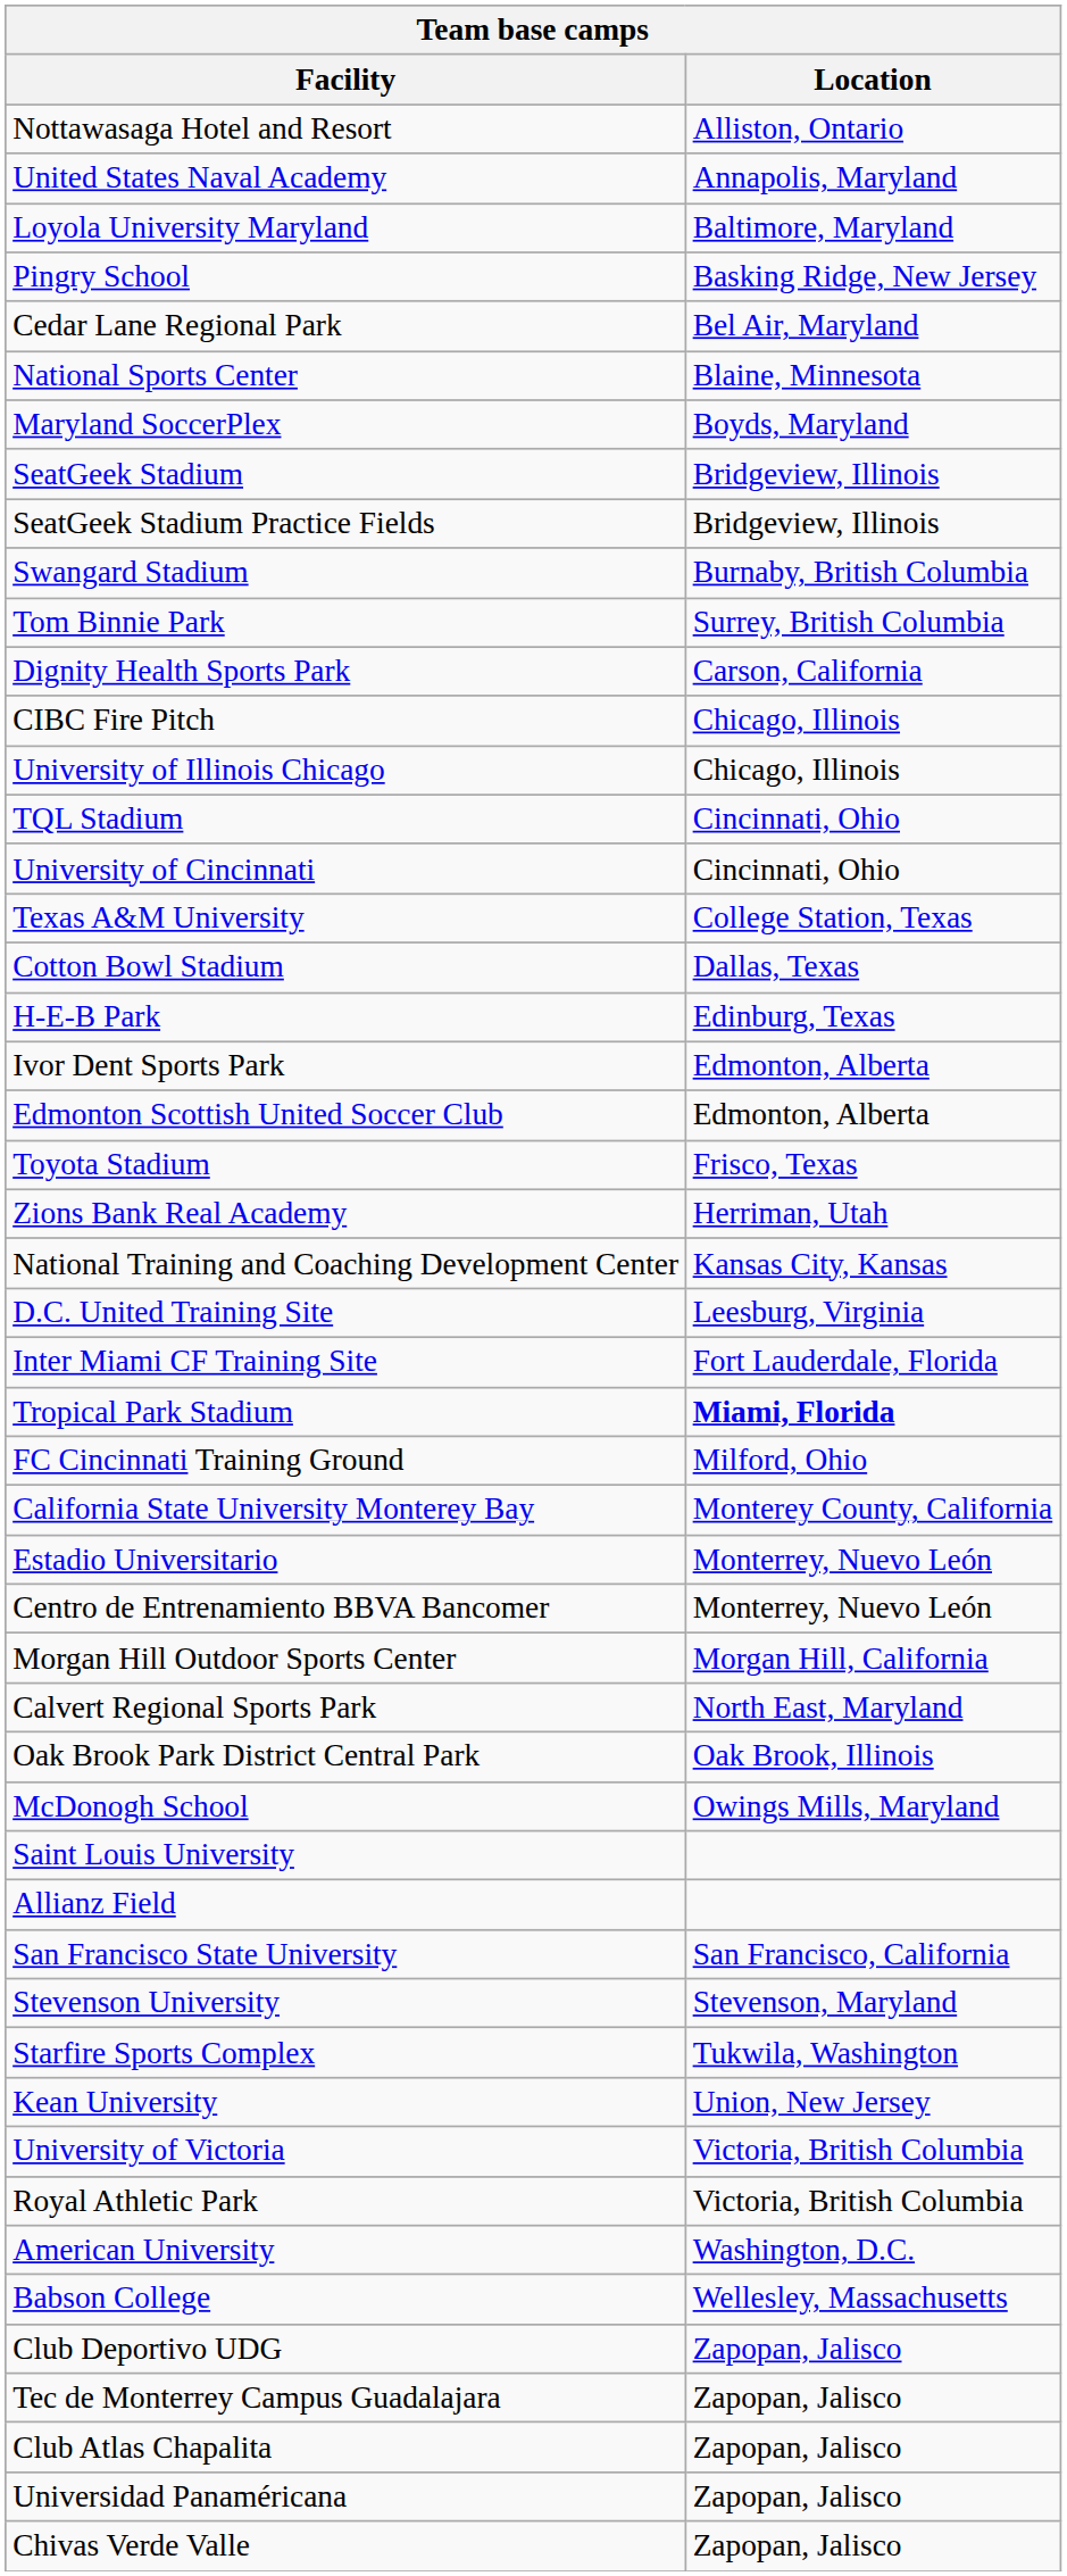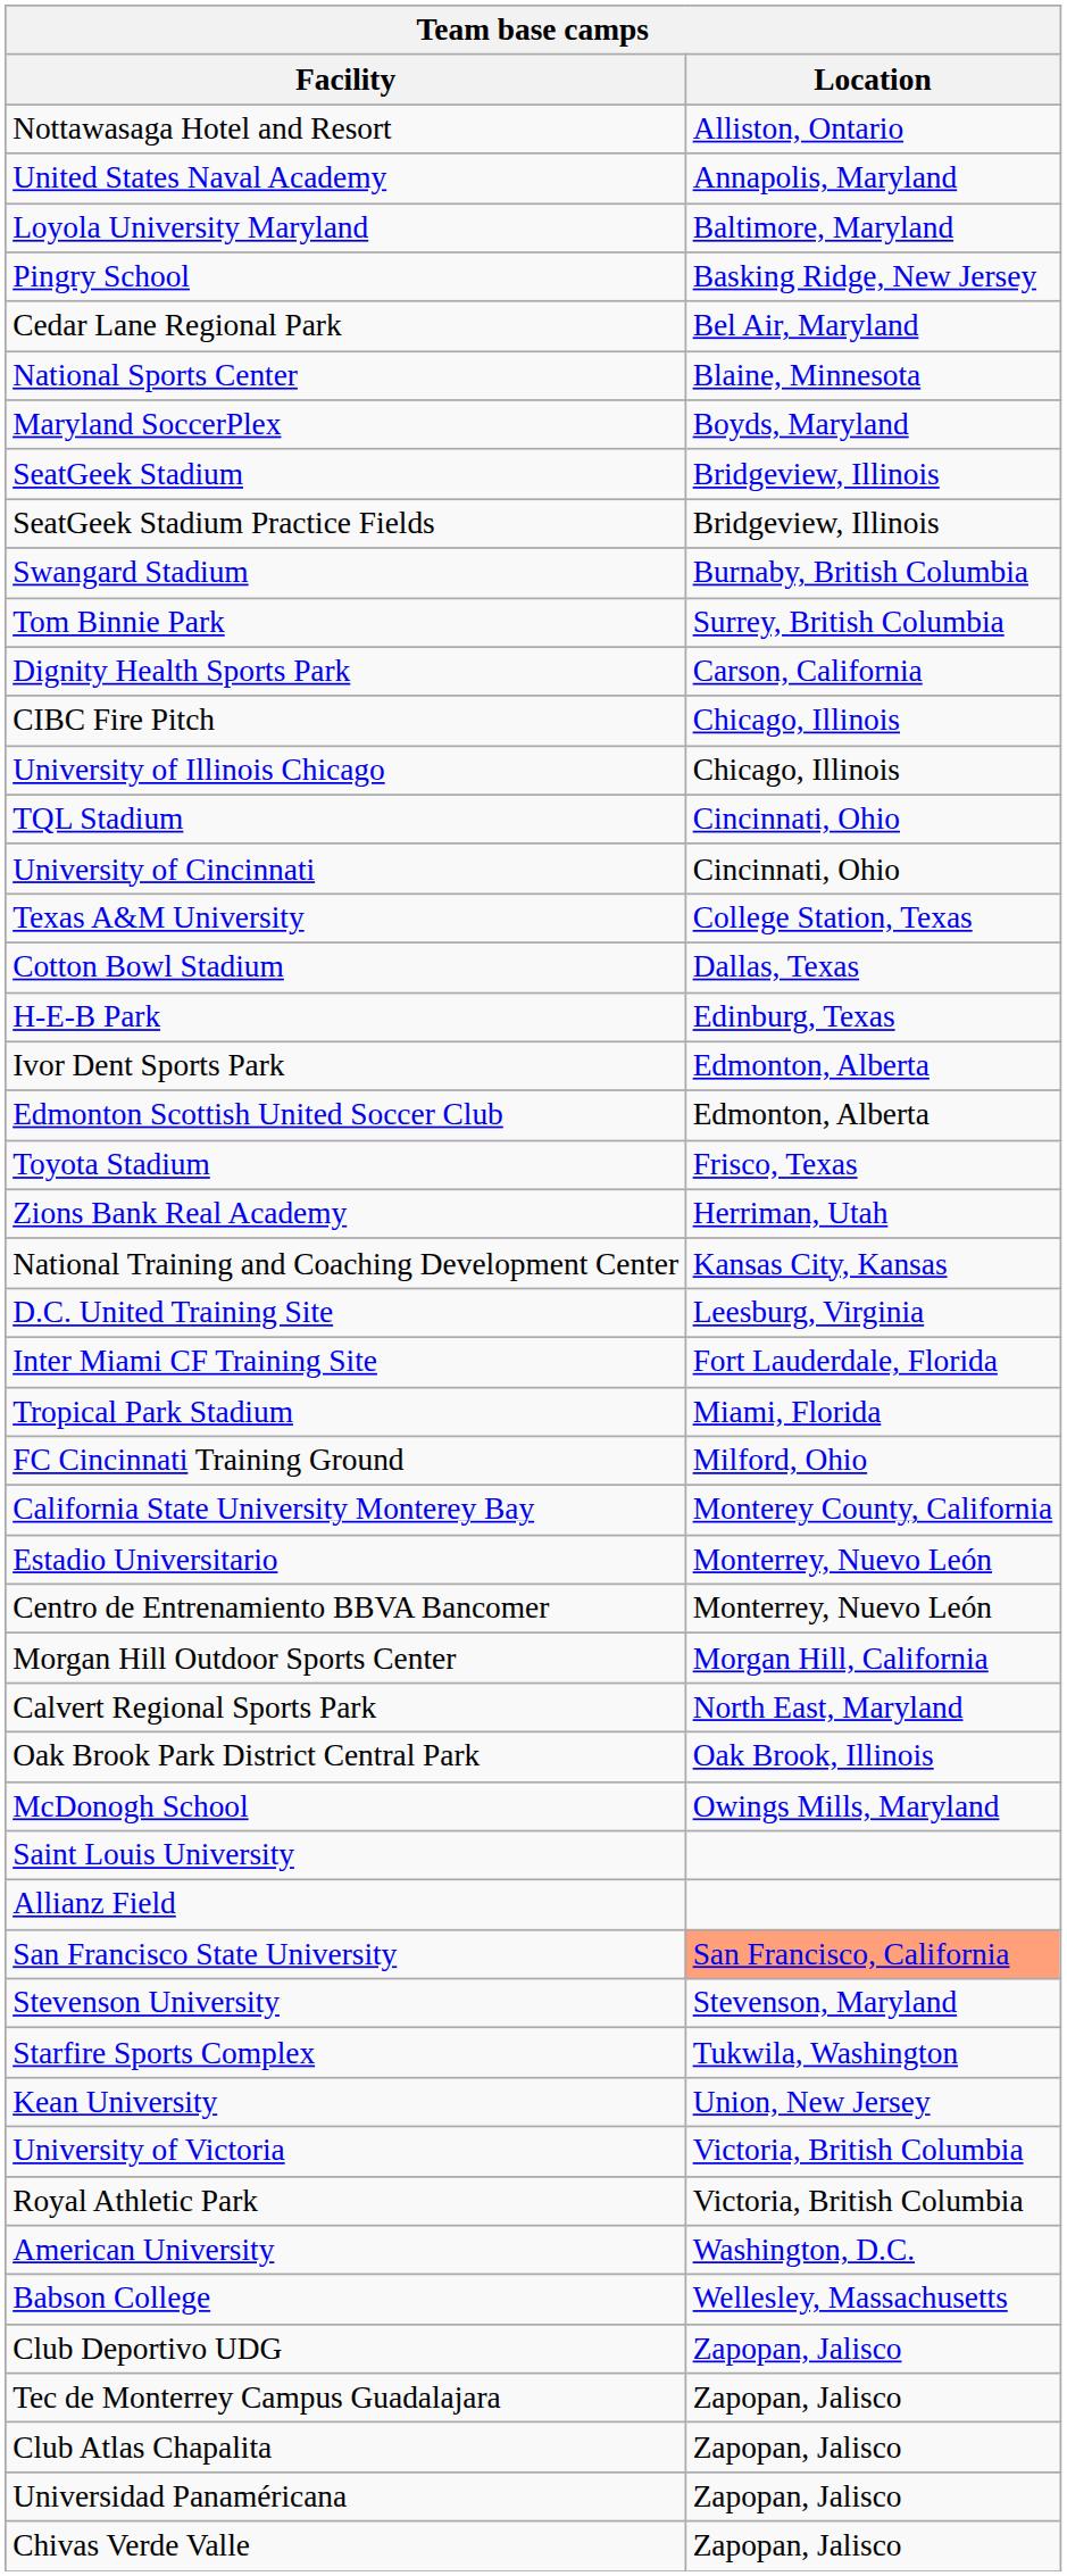 <table class="wikitable collapsible collapsed">
 <tr>
 <th colspan="5">Team base camps</th>
 </tr>
 <tr>
 <th>Facility</th>
 <th>Location</th>
 </tr>
 <tr>
 <td>Nottawasaga Hotel and Resort</td>
 <td><a href='#'>Alliston, Ontario</a></td>
 </tr>
 <tr>
 <td><a href='#'>United States Naval Academy</a></td>
 <td><a href='#'>Annapolis, Maryland</a></td>
 </tr>
 <tr>
 <td><a href='#'>Loyola University Maryland</a></td>
 <td><a href='#'>Baltimore, Maryland</a></td>
 </tr>
 <tr>
 <td><a href='#'>Pingry School</a></td>
 <td><a href='#'>Basking Ridge, New Jersey</a></td>
 </tr>
 <tr>
 <td>Cedar Lane Regional Park</td>
 <td><a href='#'>Bel Air, Maryland</a></td>
 </tr>
 <tr>
 <td><a href='#'>National Sports Center</a></td>
 <td><a href='#'>Blaine, Minnesota</a></td>
 </tr>
 <tr>
 <td><a href='#'>Maryland SoccerPlex</a></td>
 <td><a href='#'>Boyds, Maryland</a></td>
 </tr>
 <tr>
 <td><a href='#'>SeatGeek Stadium</a></td>
 <td><a href='#'>Bridgeview, Illinois</a></td>
 </tr>
 <tr>
 <td>SeatGeek Stadium Practice Fields</td>
 <td>Bridgeview, Illinois</td>
 </tr>
 <tr>
 <td><a href='#'>Swangard Stadium</a></td>
 <td><a href='#'>Burnaby, British Columbia</a></td>
 </tr>
 <tr>
 <td><a href='#'>Tom Binnie Park</a></td>
 <td><a href='#'>Surrey, British Columbia</a></td>
 </tr>
 <tr>
 <td><a href='#'>Dignity Health Sports Park</a></td>
 <td><a href='#'>Carson, California</a></td>
 </tr>
 <tr>
 <td>CIBC Fire Pitch</td>
 <td><a href='#'>Chicago, Illinois</a></td>
 </tr>
 <tr>
 <td><a href='#'>University of Illinois Chicago</a></td>
 <td>Chicago, Illinois</td>
 </tr>
 <tr>
 <td><a href='#'>TQL Stadium</a></td>
 <td><a href='#'>Cincinnati, Ohio</a></td>
 </tr>
 <tr>
 <td><a href='#'>University of Cincinnati</a></td>
 <td>Cincinnati, Ohio</td>
 </tr>
 <tr>
 <td><a href='#'>Texas A&M University</a></td>
 <td><a href='#'>College Station, Texas</a></td>
 </tr>
 <tr>
 <td><a href='#'>Cotton Bowl Stadium</a></td>
 <td><a href='#'>Dallas, Texas</a></td>
 </tr>
 <tr>
 <td><a href='#'>H-E-B Park</a></td>
 <td><a href='#'>Edinburg, Texas</a></td>
 </tr>
 <tr>
 <td>Ivor Dent Sports Park</td>
 <td><a href='#'>Edmonton, Alberta</a></td>
 </tr>
 <tr>
 <td><a href='#'>Edmonton Scottish United Soccer Club</a></td>
 <td>Edmonton, Alberta</td>
 </tr>
 <tr>
 <td><a href='#'>Toyota Stadium</a></td>
 <td><a href='#'>Frisco, Texas</a></td>
 </tr>
 <tr>
 <td><a href='#'>Zions Bank Real Academy</a></td>
 <td><a href='#'>Herriman, Utah</a></td>
 </tr>
 <tr>
 <td>National Training and Coaching Development Center</td>
 <td><a href='#'>Kansas City, Kansas</a></td>
 </tr>
 <tr>
 <td><a href='#'>D.C. United Training Site</a></td>
 <td><a href='#'>Leesburg, Virginia</a></td>
 </tr>
 <tr>
 <td><a href='#'>Inter Miami CF Training Site</a></td>
 <td><a href='#'>Fort Lauderdale, Florida</a></td>
 </tr>
 <tr>
 <td><a href='#'>Tropical Park Stadium</a></td>
-<td><strong><a href='#'>Miami, Florida</a></strong></td>
+<td><a href='#'>Miami, Florida</a></td>
 </tr>
 <tr>
 <td><a href='#'>FC Cincinnati</a> Training Ground</td>
 <td><a href='#'>Milford, Ohio</a></td>
 </tr>
 <tr>
 <td><a href='#'>California State University Monterey Bay</a></td>
 <td><a href='#'>Monterey County, California</a></td>
 </tr>
 <tr>
 <td><a href='#'>Estadio Universitario</a></td>
 <td><a href='#'>Monterrey, Nuevo León</a></td>
 </tr>
 <tr>
 <td>Centro de Entrenamiento BBVA Bancomer</td>
 <td>Monterrey, Nuevo León</td>
 </tr>
 <tr>
 <td>Morgan Hill Outdoor Sports Center</td>
 <td><a href='#'>Morgan Hill, California</a></td>
 </tr>
 <tr>
 <td>Calvert Regional Sports Park</td>
 <td><a href='#'>North East, Maryland</a></td>
 </tr>
 <tr>
 <td>Oak Brook Park District Central Park</td>
 <td><a href='#'>Oak Brook, Illinois</a></td>
 </tr>
 <tr>
 <td><a href='#'>McDonogh School</a></td>
 <td><a href='#'>Owings Mills, Maryland</a></td>
 </tr>
 <tr>
 <td><a href='#'>Saint Louis University</a></td>
 <td></td>
 </tr>
 <tr>
 <td><a href='#'>Allianz Field</a></td>
 <td></td>
 </tr>
 <tr>
 <td><a href='#'>San Francisco State University</a></td>
-<td><a href='#'>San Francisco, California</a></td>
+<td style="background: lightsalmon;"><a href='#'>San Francisco, California</a></td>
 </tr>
 <tr>
 <td><a href='#'>Stevenson University</a></td>
 <td><a href='#'>Stevenson, Maryland</a></td>
 </tr>
 <tr>
 <td><a href='#'>Starfire Sports Complex</a></td>
 <td><a href='#'>Tukwila, Washington</a></td>
 </tr>
 <tr>
 <td><a href='#'>Kean University</a></td>
 <td><a href='#'>Union, New Jersey</a></td>
 </tr>
 <tr>
 <td><a href='#'>University of Victoria</a></td>
 <td><a href='#'>Victoria, British Columbia</a></td>
 </tr>
 <tr>
 <td>Royal Athletic Park</td>
 <td>Victoria, British Columbia</td>
 </tr>
 <tr>
 <td><a href='#'>American University</a></td>
 <td><a href='#'>Washington, D.C.</a></td>
 </tr>
 <tr>
 <td><a href='#'>Babson College</a></td>
 <td><a href='#'>Wellesley, Massachusetts</a></td>
 </tr>
 <tr>
 <td>Club Deportivo UDG</td>
 <td><a href='#'>Zapopan, Jalisco</a></td>
 </tr>
 <tr>
 <td>Tec de Monterrey Campus Guadalajara</td>
 <td>Zapopan, Jalisco</td>
 </tr>
 <tr>
 <td>Club Atlas Chapalita</td>
 <td>Zapopan, Jalisco</td>
 </tr>
 <tr>
 <td>Universidad Panaméricana</td>
 <td>Zapopan, Jalisco</td>
 </tr>
 <tr>
 <td>Chivas Verde Valle</td>
 <td>Zapopan, Jalisco</td>
 </tr>
 </table>
